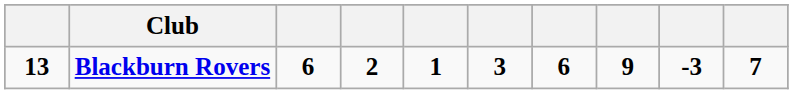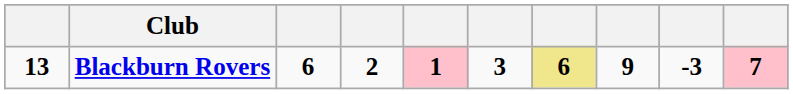 <table class="wikitable" style="text-align:center;border:1px solid #AAAAAA;font-size:90%">
 <tr>
 <th width=30></th>
 <th>Club</th>
 <th width=30></th>
 <th width=30></th>
 <th width=30></th>
 <th width=30></th>
 <th width=30></th>
 <th width=30></th>
 <th width=30></th>
 <th width=30></th>
 </tr>
 <tr>
 <td><strong>13</strong></td>
 <td align=left><strong><a href='#'>Blackburn Rovers</a></strong></td>
 <td><strong>6</strong></td>
 <td><strong>2</strong></td>
-<td><strong>1</strong></td>
+<td style="background: pink;"><strong>1</strong></td>
 <td><strong>3</strong></td>
-<td><strong>6</strong></td>
+<td style="background: khaki;"><strong>6</strong></td>
 <td><strong>9</strong></td>
 <td><strong>-3</strong></td>
-<td><strong>7</strong></td>
+<td style="background: pink;"><strong>7</strong></td>
 </tr>
 </table>
